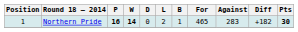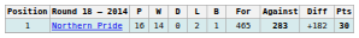 <table class="wikitable" style="text-align:center; font-size:85%;">
 <tr>
 <th width=40 abbr="Position">Position</th>
 <th width=100>Round 18 – 2014</th>
 <th width=20 abbr="Played">P</th>
 <th width=20 abbr="Won">W</th>
 <th width=20 abbr="Drawn">D</th>
 <th width=20 abbr="Lost">L</th>
 <th width=20 abbr="Bye">B</th>
 <th width=40 abbr="Points for">For</th>
 <th width=40 abbr="Points against">Against</th>
 <th width=40 abbr="Points difference">Diff</th>
 <th width=20 abbr="Points">Pts</th>
 </tr>
 <tr style="background: #d7ebed;">
 <td>1</td>
 <td style="text-align:left;"> <a href='#'>Northern Pride</a></td>
-<td><strong>16</strong></td>
-<td><strong>14</strong></td>
+<td>16</td>
+<td>14</td>
 <td>0</td>
 <td>2</td>
 <td>1</td>
 <td>465</td>
-<td>283</td>
+<td><strong>283</strong></td>
 <td>+182</td>
 <td><strong>30</strong></td>
 </tr>
 <tr>
 </tr>
 </table>
